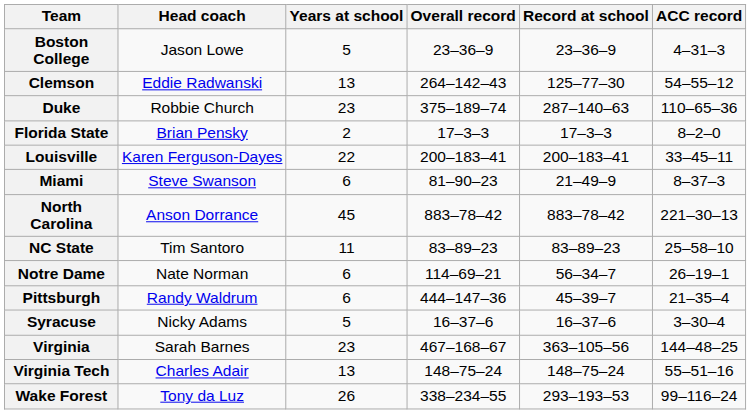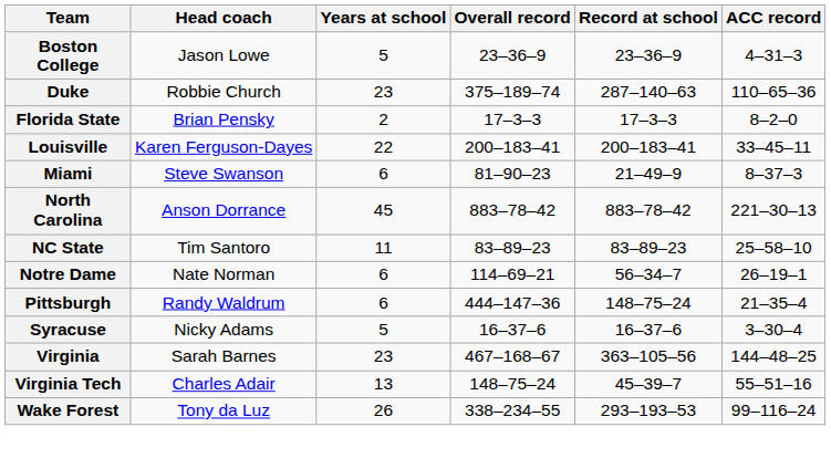 <table class="wikitable sortable" style="text-align: center;">
 <tr>
 <th width="110">Team</th>
 <th>Head coach</th>
 <th>Years at school</th>
 <th>Overall record</th>
 <th>Record at school</th>
 <th>ACC record</th>
 </tr>
 <tr>
 <th>Boston College</th>
 <td>Jason Lowe</td>
 <td>5</td>
 <td>23–36–9</td>
 <td>23–36–9</td>
 <td>4–31–3</td>
-</tr>
-<tr>
-<th>Clemson</th>
-<td><a href='#'>Eddie Radwanski</a></td>
-<td>13</td>
-<td>264–142–43</td>
-<td>125–77–30</td>
-<td>54–55–12</td>
 </tr>
 <tr>
 <th>Duke</th>
 <td>Robbie Church</td>
 <td>23</td>
 <td>375–189–74</td>
 <td>287–140–63</td>
 <td>110–65–36</td>
 </tr>
 <tr>
 <th>Florida State</th>
 <td><a href='#'>Brian Pensky</a></td>
 <td>2</td>
 <td>17–3–3</td>
 <td>17–3–3</td>
 <td>8–2–0</td>
 </tr>
 <tr>
 <th>Louisville</th>
 <td><a href='#'>Karen Ferguson-Dayes</a></td>
 <td>22</td>
 <td>200–183–41</td>
 <td>200–183–41</td>
 <td>33–45–11</td>
 </tr>
 <tr>
 <th>Miami</th>
 <td><a href='#'>Steve Swanson</a></td>
 <td>6</td>
 <td>81–90–23</td>
 <td>21–49–9</td>
 <td>8–37–3</td>
 </tr>
 <tr>
 <th>North Carolina</th>
 <td><a href='#'>Anson Dorrance</a></td>
 <td>45</td>
 <td>883–78–42</td>
 <td>883–78–42</td>
 <td>221–30–13</td>
 </tr>
 <tr>
 <th>NC State</th>
 <td>Tim Santoro</td>
 <td>11</td>
 <td>83–89–23</td>
 <td>83–89–23</td>
 <td>25–58–10</td>
 </tr>
 <tr>
 <th>Notre Dame</th>
 <td>Nate Norman</td>
 <td>6</td>
 <td>114–69–21</td>
 <td>56–34–7</td>
 <td>26–19–1</td>
 </tr>
 <tr>
 <th>Pittsburgh</th>
 <td><a href='#'>Randy Waldrum</a></td>
 <td>6</td>
 <td>444–147–36</td>
-<td>45–39–7</td>
+<td>148–75–24</td>
 <td>21–35–4</td>
 </tr>
 <tr>
 <th>Syracuse</th>
 <td>Nicky Adams</td>
 <td>5</td>
 <td>16–37–6</td>
 <td>16–37–6</td>
 <td>3–30–4</td>
 </tr>
 <tr>
 <th>Virginia</th>
 <td>Sarah Barnes</td>
 <td>23</td>
 <td>467–168–67</td>
 <td>363–105–56</td>
 <td>144–48–25</td>
 </tr>
 <tr>
 <th>Virginia Tech</th>
 <td><a href='#'>Charles Adair</a></td>
 <td>13</td>
 <td>148–75–24</td>
-<td>148–75–24</td>
+<td>45–39–7</td>
 <td>55–51–16</td>
 </tr>
 <tr>
 <th>Wake Forest</th>
 <td><a href='#'>Tony da Luz</a></td>
 <td>26</td>
 <td>338–234–55</td>
 <td>293–193–53</td>
 <td>99–116–24</td>
 </tr>
 </table>
